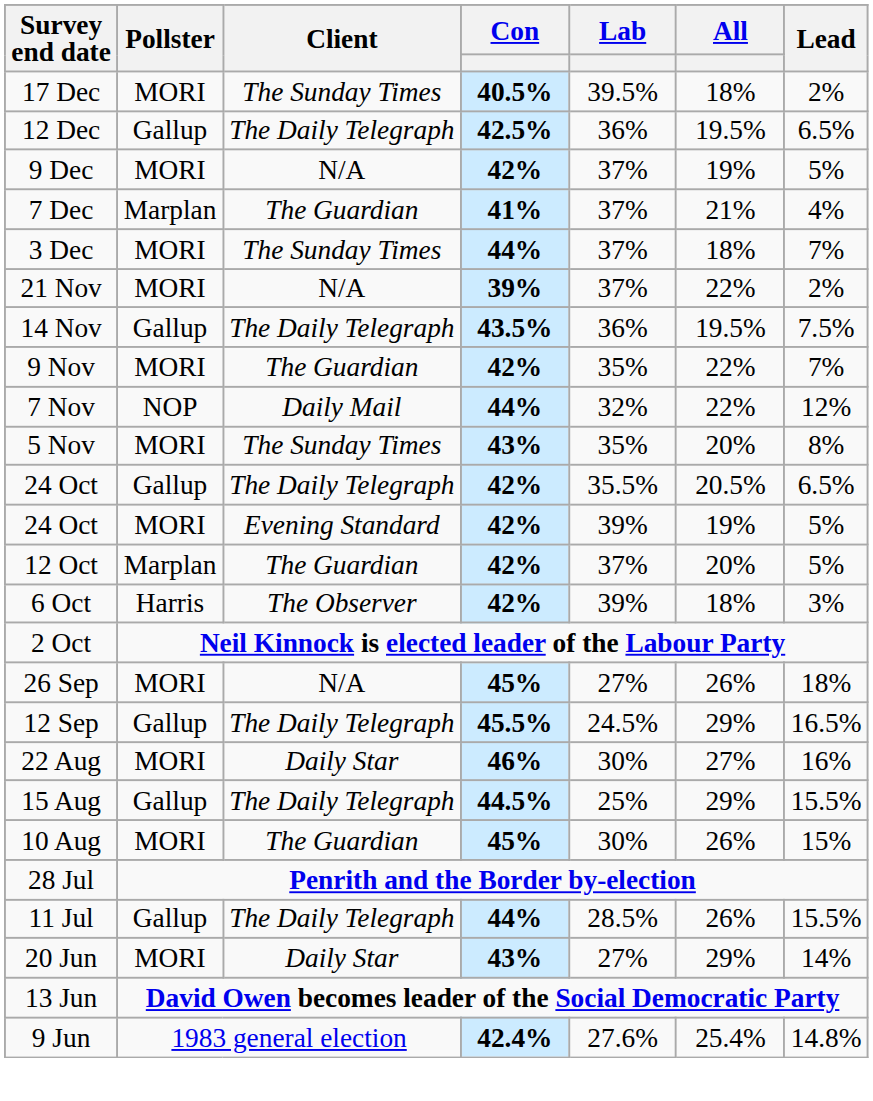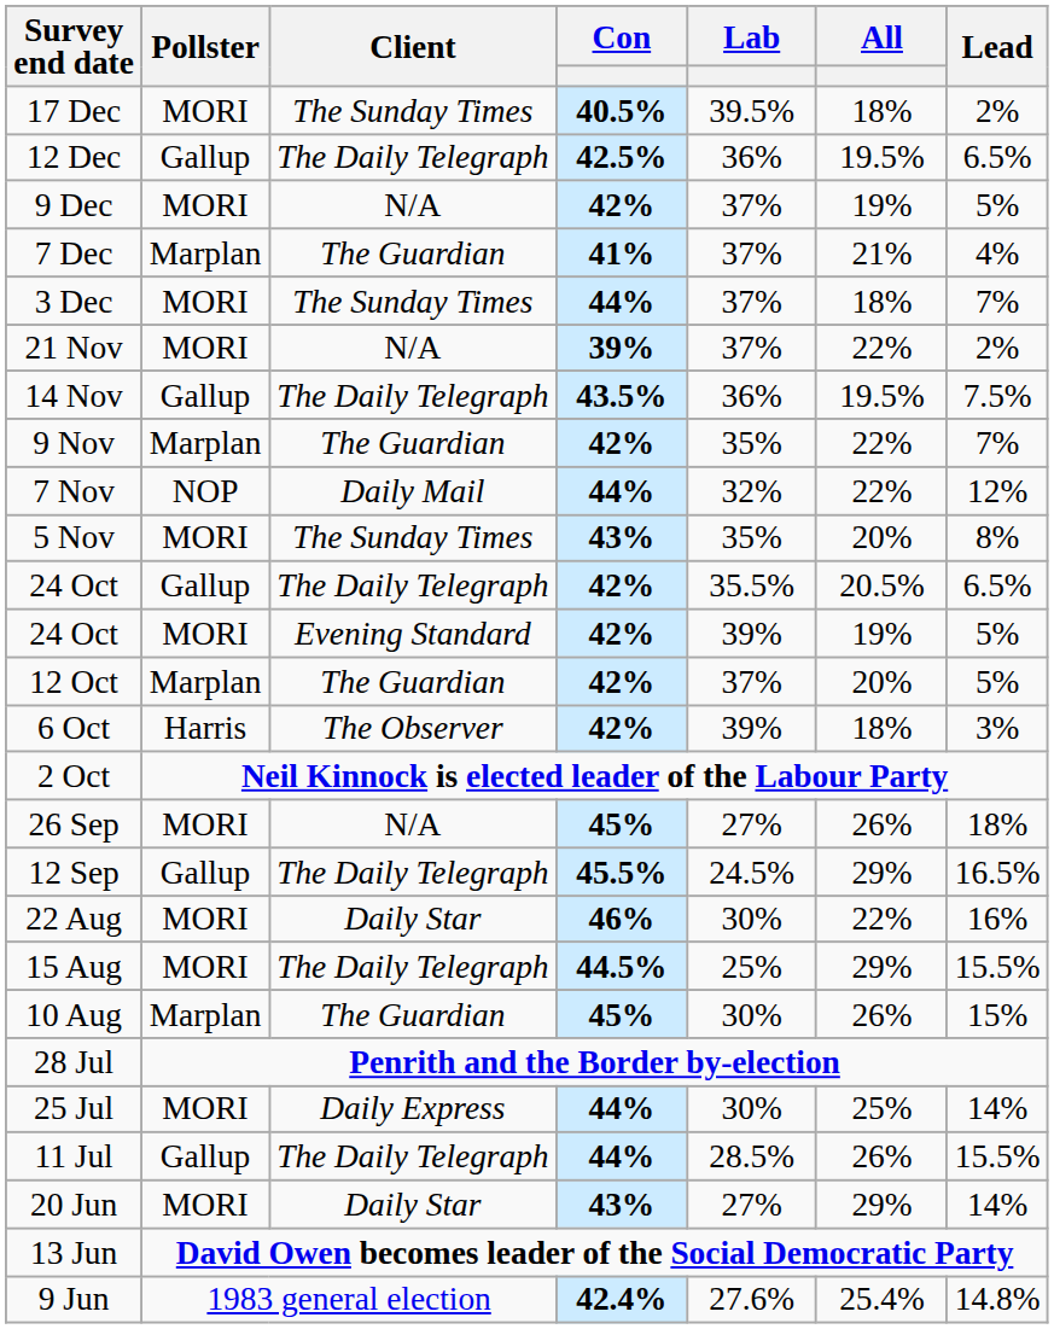 <table class="wikitable sortable mw-datatable" style="text-align:center;font-size:90%;line-height:14px;">
 <tr>
 <th rowspan="2">Survey<br>end date</th>
 <th rowspan="2">Pollster</th>
 <th rowspan="2">Client</th>
 <th class="unsortable" style="width:50px;"><a href='#'>Con</a></th>
 <th class="unsortable" style="width:50px;"><a href='#'>Lab</a></th>
 <th class="unsortable" style="width:50px;"><a href='#'>All</a></th>
 <th rowspan="2">Lead</th>
 </tr>
 <tr>
 <th style="background:"></th>
 <th style="background:"></th>
 <th style="background:"></th>
 </tr>
 <tr>
 <td>17 Dec</td>
 <td>MORI</td>
 <td><em>The Sunday Times</em></td>
 <td style="background:#CCEBFF;"><strong>40.5%</strong></td>
 <td>39.5%</td>
 <td>18%</td>
 <td style="background:">2%</td>
 </tr>
 <tr>
 <td>12 Dec</td>
 <td>Gallup</td>
 <td><em>The Daily Telegraph</em></td>
 <td style="background:#CCEBFF;"><strong>42.5%</strong></td>
 <td>36%</td>
 <td>19.5%</td>
 <td style="background:">6.5%</td>
 </tr>
 <tr>
 <td>9 Dec</td>
 <td>MORI</td>
 <td>N/A</td>
 <td style="background:#CCEBFF;"><strong>42%</strong></td>
 <td>37%</td>
 <td>19%</td>
 <td style="background:">5%</td>
 </tr>
 <tr>
 <td>7 Dec</td>
 <td>Marplan</td>
 <td><em>The Guardian</em></td>
 <td style="background:#CCEBFF;"><strong>41%</strong></td>
 <td>37%</td>
 <td>21%</td>
 <td style="background:">4%</td>
 </tr>
 <tr>
 <td>3 Dec</td>
 <td>MORI</td>
 <td><em>The Sunday Times</em></td>
 <td style="background:#CCEBFF;"><strong>44%</strong></td>
 <td>37%</td>
 <td>18%</td>
 <td style="background:">7%</td>
 </tr>
 <tr>
 <td>21 Nov</td>
 <td>MORI</td>
 <td>N/A</td>
 <td style="background:#CCEBFF;"><strong>39%</strong></td>
 <td>37%</td>
 <td>22%</td>
 <td style="background:">2%</td>
 </tr>
 <tr>
 <td>14 Nov</td>
 <td>Gallup</td>
 <td><em>The Daily Telegraph</em></td>
 <td style="background:#CCEBFF;"><strong>43.5%</strong></td>
 <td>36%</td>
 <td>19.5%</td>
 <td style="background:">7.5%</td>
 </tr>
 <tr>
 <td>9 Nov</td>
-<td>MORI</td>
+<td>Marplan</td>
 <td><em>The Guardian</em></td>
 <td style="background:#CCEBFF;"><strong>42%</strong></td>
 <td>35%</td>
 <td>22%</td>
 <td style="background:">7%</td>
 </tr>
 <tr>
 <td>7 Nov</td>
 <td>NOP</td>
 <td><em>Daily Mail</em></td>
 <td style="background:#CCEBFF;"><strong>44%</strong></td>
 <td>32%</td>
 <td>22%</td>
 <td style="background:">12%</td>
 </tr>
 <tr>
 <td>5 Nov</td>
 <td>MORI</td>
 <td><em>The Sunday Times</em></td>
 <td style="background:#CCEBFF;"><strong>43%</strong></td>
 <td>35%</td>
 <td>20%</td>
 <td style="background:">8%</td>
 </tr>
 <tr>
 <td>24 Oct</td>
 <td>Gallup</td>
 <td><em>The Daily Telegraph</em></td>
 <td style="background:#CCEBFF;"><strong>42%</strong></td>
 <td>35.5%</td>
 <td>20.5%</td>
 <td style="background:">6.5%</td>
 </tr>
 <tr>
 <td>24 Oct</td>
 <td>MORI</td>
 <td><em>Evening Standard</em></td>
 <td style="background:#CCEBFF;"><strong>42%</strong></td>
 <td>39%</td>
 <td>19%</td>
 <td style="background:">5%</td>
 </tr>
 <tr>
 <td>12 Oct</td>
 <td>Marplan</td>
 <td><em>The Guardian</em></td>
 <td style="background:#CCEBFF;"><strong>42%</strong></td>
 <td>37%</td>
 <td>20%</td>
 <td style="background:">5%</td>
 </tr>
 <tr>
 <td>6 Oct</td>
 <td>Harris</td>
 <td><em>The Observer</em></td>
 <td style="background:#CCEBFF;"><strong>42%</strong></td>
 <td>39%</td>
 <td>18%</td>
 <td style="background:">3%</td>
 </tr>
 <tr>
 <td>2 Oct</td>
 <td colspan="6"><strong><a href='#'>Neil Kinnock</a> is <a href='#'>elected leader</a> of the <a href='#'>Labour Party</a></strong></td>
 </tr>
 <tr>
 <td>26 Sep</td>
 <td>MORI</td>
 <td>N/A</td>
 <td style="background:#CCEBFF;"><strong>45%</strong></td>
 <td>27%</td>
 <td>26%</td>
 <td style="background:">18%</td>
 </tr>
 <tr>
 <td>12 Sep</td>
 <td>Gallup</td>
 <td><em>The Daily Telegraph</em></td>
 <td style="background:#CCEBFF;"><strong>45.5%</strong></td>
 <td>24.5%</td>
 <td>29%</td>
 <td style="background:">16.5%</td>
 </tr>
 <tr>
 <td>22 Aug</td>
 <td>MORI</td>
 <td><em>Daily Star</em></td>
 <td style="background:#CCEBFF;"><strong>46%</strong></td>
 <td>30%</td>
-<td>27%</td>
+<td>22%</td>
 <td style="background:">16%</td>
 </tr>
 <tr>
 <td>15 Aug</td>
-<td>Gallup</td>
+<td>MORI</td>
 <td><em>The Daily Telegraph</em></td>
 <td style="background:#CCEBFF;"><strong>44.5%</strong></td>
 <td>25%</td>
 <td>29%</td>
 <td style="background:">15.5%</td>
 </tr>
 <tr>
 <td>10 Aug</td>
-<td>MORI</td>
+<td>Marplan</td>
 <td><em>The Guardian</em></td>
 <td style="background:#CCEBFF;"><strong>45%</strong></td>
 <td>30%</td>
 <td>26%</td>
 <td style="background:">15%</td>
 </tr>
 <tr>
 <td>28 Jul</td>
 <td colspan="6"><a href='#'><strong>Penrith and the Border by-election</strong></a></td>
+</tr>
+<tr>
+<td>25 Jul</td>
+<td>MORI</td>
+<td><em>Daily Express</em></td>
+<td style="background:#CCEBFF;"><strong>44%</strong></td>
+<td>30%</td>
+<td>25%</td>
+<td style="background:">14%</td>
 </tr>
 <tr>
 <td>11 Jul</td>
 <td>Gallup</td>
 <td><em>The Daily Telegraph</em></td>
 <td style="background:#CCEBFF;"><strong>44%</strong></td>
 <td>28.5%</td>
 <td>26%</td>
 <td style="background:">15.5%</td>
 </tr>
 <tr>
 <td>20 Jun</td>
 <td>MORI</td>
 <td><em>Daily Star</em></td>
 <td style="background:#CCEBFF;"><strong>43%</strong></td>
 <td>27%</td>
 <td>29%</td>
 <td style="background:">14%</td>
 </tr>
 <tr>
 <td>13 Jun</td>
 <td colspan="6"><strong><a href='#'>David Owen</a> becomes leader of the <a href='#'>Social Democratic Party</a></strong></td>
 </tr>
 <tr>
 <td>9 Jun</td>
 <td colspan="2"><a href='#'>1983 general election</a></td>
 <td style="background:#CCEBFF;"><strong>42.4%</strong></td>
 <td>27.6%</td>
 <td>25.4%</td>
 <td style="background:">14.8%</td>
 </tr>
 </table>
